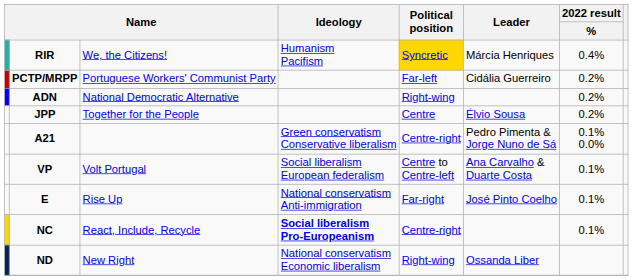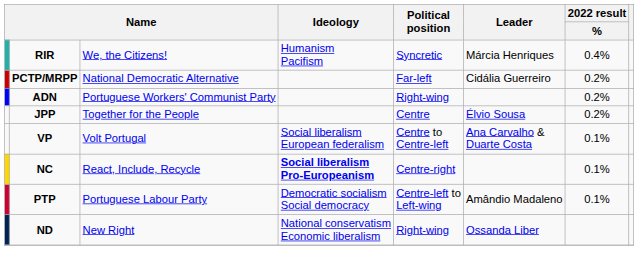 <table class="wikitable">
 <tr>
 <th colspan="3" rowspan="2" style="width:275px;">Name</th>
 <th rowspan="2">Ideology</th>
 <th rowspan="2">Political<br>position</th>
 <th rowspan="2">Leader</th>
 <th>2022 result</th>
 <th rowspan="2"></th>
 </tr>
 <tr>
 <th>%</th>
 </tr>
 <tr>
 <td style="background:LightSeaGreen;"></td>
 <td style="text-align:center;"><strong>RIR</strong></td>
 <td><a href='#'>We, the Citizens!</a><br></td>
 <td><a href='#'>Humanism</a><br><a href='#'>Pacifism</a></td>
-<td style="background: gold;"><a href='#'>Syncretic</a></td>
+<td><a href='#'>Syncretic</a></td>
 <td>Márcia Henriques</td>
 <td style="text-align:center;">0.4%</td>
 <td></td>
 </tr>
 <tr>
 <td style="background:#cc0000;"></td>
 <td style="text-align:center;"><strong>PCTP/MRPP</strong></td>
-<td><a href='#'>Portuguese Workers' Communist Party</a><br></td>
+<td><a href='#'>National Democratic Alternative</a><br></td>
 <td></td>
 <td><a href='#'>Far-left</a></td>
 <td>Cidália Guerreiro</td>
 <td style="text-align:center;">0.2%</td>
 <td></td>
 </tr>
 <tr>
 <td style="background:blue;"></td>
 <td style="text-align:center;"><strong>ADN</strong></td>
-<td><a href='#'>National Democratic Alternative</a><br></td>
+<td><a href='#'>Portuguese Workers' Communist Party</a><br></td>
 <td></td>
 <td><a href='#'>Right-wing</a></td>
 <td></td>
 <td style="text-align:center;">0.2%</td>
 <td></td>
 </tr>
 <tr>
 <td style="color:inherit;background:"></td>
 <td style="text-align:center;"><strong>JPP</strong></td>
 <td><a href='#'>Together for the People</a><br></td>
 <td></td>
 <td><a href='#'>Centre</a></td>
 <td><a href='#'>Élvio Sousa</a></td>
 <td style="text-align:center;">0.2%</td>
 <td></td>
 </tr>
 <tr>
 <td style="color:inherit;background:"></td>
-<td style="text-align:center;"><strong>A21</strong></td>
-<td><br></td>
-<td><a href='#'>Green conservatism</a><br><a href='#'>Conservative liberalism</a></td>
-<td><a href='#'>Centre-right</a></td>
-<td>Pedro Pimenta &<br><a href='#'>Jorge Nuno de Sá</a></td>
-<td style="text-align:center;">0.1%<br>0.0%</td>
-<td></td>
-</tr>
-<tr>
-<td style="color:inherit;background:"></td>
 <td style="text-align:center;"><strong>VP</strong></td>
 <td><a href='#'>Volt Portugal</a><br></td>
 <td><a href='#'>Social liberalism</a><br><a href='#'>European federalism</a></td>
 <td><a href='#'>Centre</a> to<br><a href='#'>Centre-left</a></td>
 <td><a href='#'>Ana Carvalho</a> &<br><a href='#'>Duarte Costa</a></td>
-<td style="text-align:center;">0.1%</td>
-<td></td>
-</tr>
-<tr>
-<td style="color:inherit;background:"></td>
-<td style="text-align:center;"><strong>E</strong></td>
-<td><a href='#'>Rise Up</a><br></td>
-<td><a href='#'>National conservatism</a><br><a href='#'>Anti-immigration</a></td>
-<td><a href='#'>Far-right</a></td>
-<td><a href='#'>José Pinto Coelho</a></td>
 <td style="text-align:center;">0.1%</td>
 <td></td>
 </tr>
 <tr>
 <td style="background:gold;"></td>
 <td style="text-align:center;"><strong>NC</strong></td>
 <td><a href='#'>React, Include, Recycle</a><br></td>
 <td><strong><a href='#'>Social liberalism</a><br><a href='#'>Pro-Europeanism</a></strong></td>
 <td><a href='#'>Centre-right</a></td>
 <td></td>
+<td style="text-align:center;">0.1%</td>
+<td></td>
+</tr>
+<tr>
+<td style="background:#CC0033;"></td>
+<td style="text-align:center;"><strong>PTP</strong></td>
+<td><a href='#'>Portuguese Labour Party</a><br></td>
+<td><a href='#'>Democratic socialism</a><br><a href='#'>Social democracy</a></td>
+<td><a href='#'>Centre-left</a> to<br><a href='#'>Left-wing</a></td>
+<td>Amândio Madaleno</td>
 <td style="text-align:center;">0.1%</td>
 <td></td>
 </tr>
 <tr>
 <td style="background:#012257;"></td>
 <td style="text-align:center;"><strong>ND</strong></td>
 <td><a href='#'>New Right</a><br></td>
 <td><a href='#'>National conservatism</a><br><a href='#'>Economic liberalism</a></td>
 <td><a href='#'>Right-wing</a></td>
 <td><a href='#'>Ossanda Liber</a></td>
 <td></td>
 <td></td>
 </tr>
 <tr>
 </tr>
 </table>
